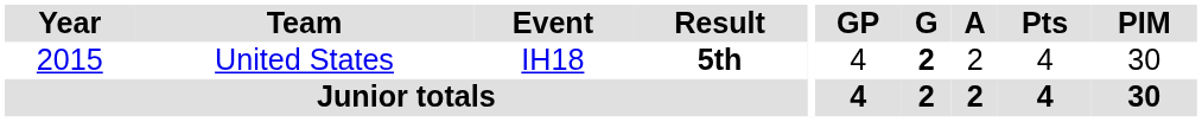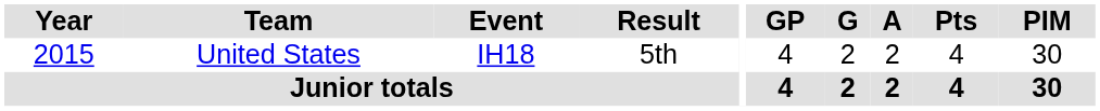 <table border="0" cellpadding="1" cellspacing="0" ID="Table3" style="text-align:center; width:40em">
 <tr ALIGN="center" bgcolor="#e0e0e0">
 <th>Year</th>
 <th>Team</th>
 <th>Event</th>
 <th>Result</th>
 <th rowspan="99" bgcolor="#ffffff"></th>
 <th>GP</th>
 <th>G</th>
 <th>A</th>
 <th>Pts</th>
 <th>PIM</th>
 </tr>
 <tr>
 <td><a href='#'>2015</a></td>
 <td><a href='#'>United States</a></td>
 <td><a href='#'>IH18</a></td>
-<td><strong>5th</strong></td>
+<td>5th</td>
 <td>4</td>
-<td><strong>2</strong></td>
+<td>2</td>
 <td>2</td>
 <td>4</td>
 <td>30</td>
 </tr>
 <tr bgcolor="#e0e0e0">
 <th colspan="4">Junior totals</th>
 <th>4</th>
 <th>2</th>
 <th>2</th>
 <th>4</th>
 <th>30</th>
 </tr>
 </table>
